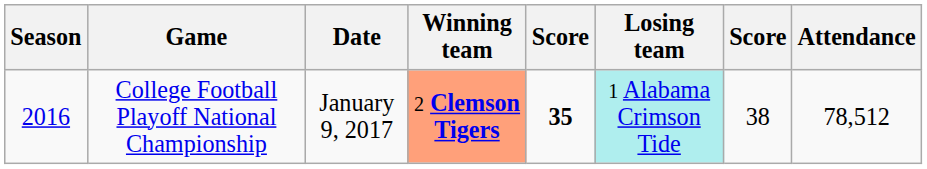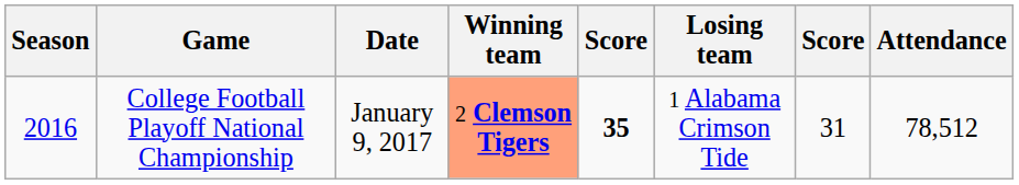 <table class="wikitable" style="text-align:center">
 <tr>
 <th>Season</th>
 <th>Game</th>
 <th>Date</th>
 <th>Winning team</th>
 <th>Score</th>
 <th>Losing team</th>
 <th>Score</th>
 <th>Attendance</th>
 </tr>
 <tr>
 <td><a href='#'>2016</a></td>
 <td><a href='#'>College Football Playoff National Championship</a></td>
 <td>January 9, 2017</td>
 <td style="background: lightsalmon;"><small>2</small> <a href='#'><strong>Clemson Tigers</strong></a></td>
 <td><strong>35</strong></td>
-<td style="background: paleturquoise;"><small>1</small> <a href='#'>Alabama Crimson Tide</a></td>
-<td>38</td>
+<td><small>1</small> <a href='#'>Alabama Crimson Tide</a></td>
+<td>31</td>
 <td>78,512</td>
 </tr>
 </table>
